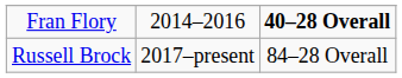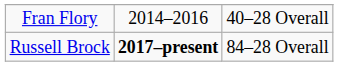 <table class="wikitable sortable" style="margin: 1em auto 1em auto">
 <tr>
 </tr>
 <tr style="text-align:center;">
 <td><a href='#'>Fran Flory</a></td>
 <td>2014–2016</td>
-<td><strong>40–28 Overall</strong></td>
+<td>40–28 Overall</td>
 </tr>
 <tr style="text-align:center;">
 <td><a href='#'>Russell Brock</a></td>
-<td>2017–present</td>
+<td><strong>2017–present</strong></td>
 <td>84–28 Overall</td>
 </tr>
 </table>
